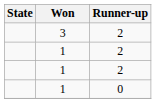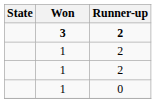 <table class="wikitable plainrowheaders sortable">
 <tr>
 <th class="unsortable" scope=col>State</th>
 <th scope=col width=66>Won</th>
 <th scope=col>Runner-up</th>
 </tr>
 <tr>
 <td></td>
-<td align=center>3</td>
-<td align=center>2</td>
+<td align=center><strong>3</strong></td>
+<td align=center><strong>2</strong></td>
 </tr>
 <tr>
 <td></td>
 <td align=center>1</td>
 <td align=center>2</td>
 </tr>
 <tr>
 <td></td>
 <td align=center>1</td>
 <td align=center>2</td>
 </tr>
 <tr>
 <td></td>
 <td align=center>1</td>
 <td align=center>0</td>
 </tr>
 <tr>
 </tr>
 </table>
